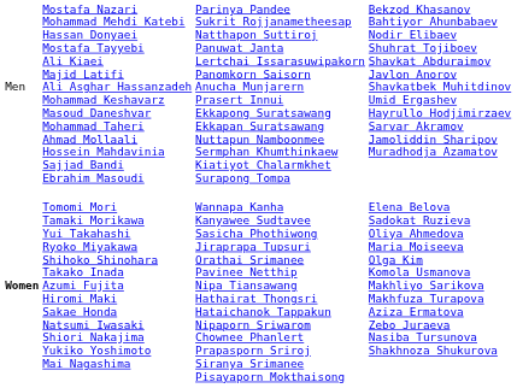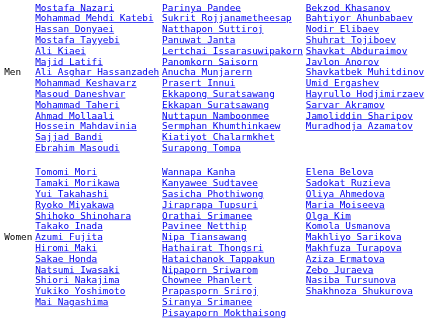 <table>
 <tr>
 <td>Men</td>
 <td><br><a href='#'>Mostafa Nazari</a><br><a href='#'>Mohammad Mehdi Katebi</a><br><a href='#'>Hassan Donyaei</a><br><a href='#'>Mostafa Tayyebi</a><br><a href='#'>Ali Kiaei</a><br><a href='#'>Majid Latifi</a><br><a href='#'>Ali Asghar Hassanzadeh</a><br><a href='#'>Mohammad Keshavarz</a><br><a href='#'>Masoud Daneshvar</a><br><a href='#'>Mohammad Taheri</a><br><a href='#'>Ahmad Mollaali</a><br><a href='#'>Hossein Mahdavinia</a><br><a href='#'>Sajjad Bandi</a><br><a href='#'>Ebrahim Masoudi</a></td>
 <td><br><a href='#'>Parinya Pandee</a><br><a href='#'>Sukrit Rojjanametheesap</a><br><a href='#'>Natthapon Suttiroj</a><br><a href='#'>Panuwat Janta</a><br><a href='#'>Lertchai Issarasuwipakorn</a><br><a href='#'>Panomkorn Saisorn</a><br><a href='#'>Anucha Munjarern</a><br><a href='#'>Prasert Innui</a><br><a href='#'>Ekkapong Suratsawang</a><br><a href='#'>Ekkapan Suratsawang</a><br><a href='#'>Nuttapun Namboonmee</a><br><a href='#'>Sermphan Khumthinkaew</a><br><a href='#'>Kiatiyot Chalarmkhet</a><br><a href='#'>Surapong Tompa</a></td>
 <td valign=top><br><a href='#'>Bekzod Khasanov</a><br><a href='#'>Bahtiyor Ahunbabaev</a><br><a href='#'>Nodir Elibaev</a><br><a href='#'>Shuhrat Tojiboev</a><br><a href='#'>Shavkat Abduraimov</a><br><a href='#'>Javlon Anorov</a><br><a href='#'>Shavkatbek Muhitdinov</a><br><a href='#'>Umid Ergashev</a><br><a href='#'>Hayrullo Hodjimirzaev</a><br><a href='#'>Sarvar Akramov</a><br><a href='#'>Jamoliddin Sharipov</a><br><a href='#'>Muradhodja Azamatov</a></td>
 </tr>
 <tr>
-<td><strong>Women</strong></td>
+<td>Women</td>
 <td valign=top><br><a href='#'>Tomomi Mori</a><br><a href='#'>Tamaki Morikawa</a><br><a href='#'>Yui Takahashi</a><br><a href='#'>Ryoko Miyakawa</a><br><a href='#'>Shihoko Shinohara</a><br><a href='#'>Takako Inada</a><br><a href='#'>Azumi Fujita</a><br><a href='#'>Hiromi Maki</a><br><a href='#'>Sakae Honda</a><br><a href='#'>Natsumi Iwasaki</a><br><a href='#'>Shiori Nakajima</a><br><a href='#'>Yukiko Yoshimoto</a><br><a href='#'>Mai Nagashima</a></td>
 <td><br><a href='#'>Wannapa Kanha</a><br><a href='#'>Kanyawee Sudtavee</a><br><a href='#'>Sasicha Phothiwong</a><br><a href='#'>Jiraprapa Tupsuri</a><br><a href='#'>Orathai Srimanee</a><br><a href='#'>Pavinee Netthip</a><br><a href='#'>Nipa Tiansawang</a><br><a href='#'>Hathairat Thongsri</a><br><a href='#'>Hataichanok Tappakun</a><br><a href='#'>Nipaporn Sriwarom</a><br><a href='#'>Chownee Phanlert</a><br><a href='#'>Prapasporn Sriroj</a><br><a href='#'>Siranya Srimanee</a><br><a href='#'>Pisayaporn Mokthaisong</a></td>
 <td valign=top><br><a href='#'>Elena Belova</a><br><a href='#'>Sadokat Ruzieva</a><br><a href='#'>Oliya Ahmedova</a><br><a href='#'>Maria Moiseeva</a><br><a href='#'>Olga Kim</a><br><a href='#'>Komola Usmanova</a><br><a href='#'>Makhliyo Sarikova</a><br><a href='#'>Makhfuza Turapova</a><br><a href='#'>Aziza Ermatova</a><br><a href='#'>Zebo Juraeva</a><br><a href='#'>Nasiba Tursunova</a><br><a href='#'>Shakhnoza Shukurova</a></td>
 </tr>
 </table>
